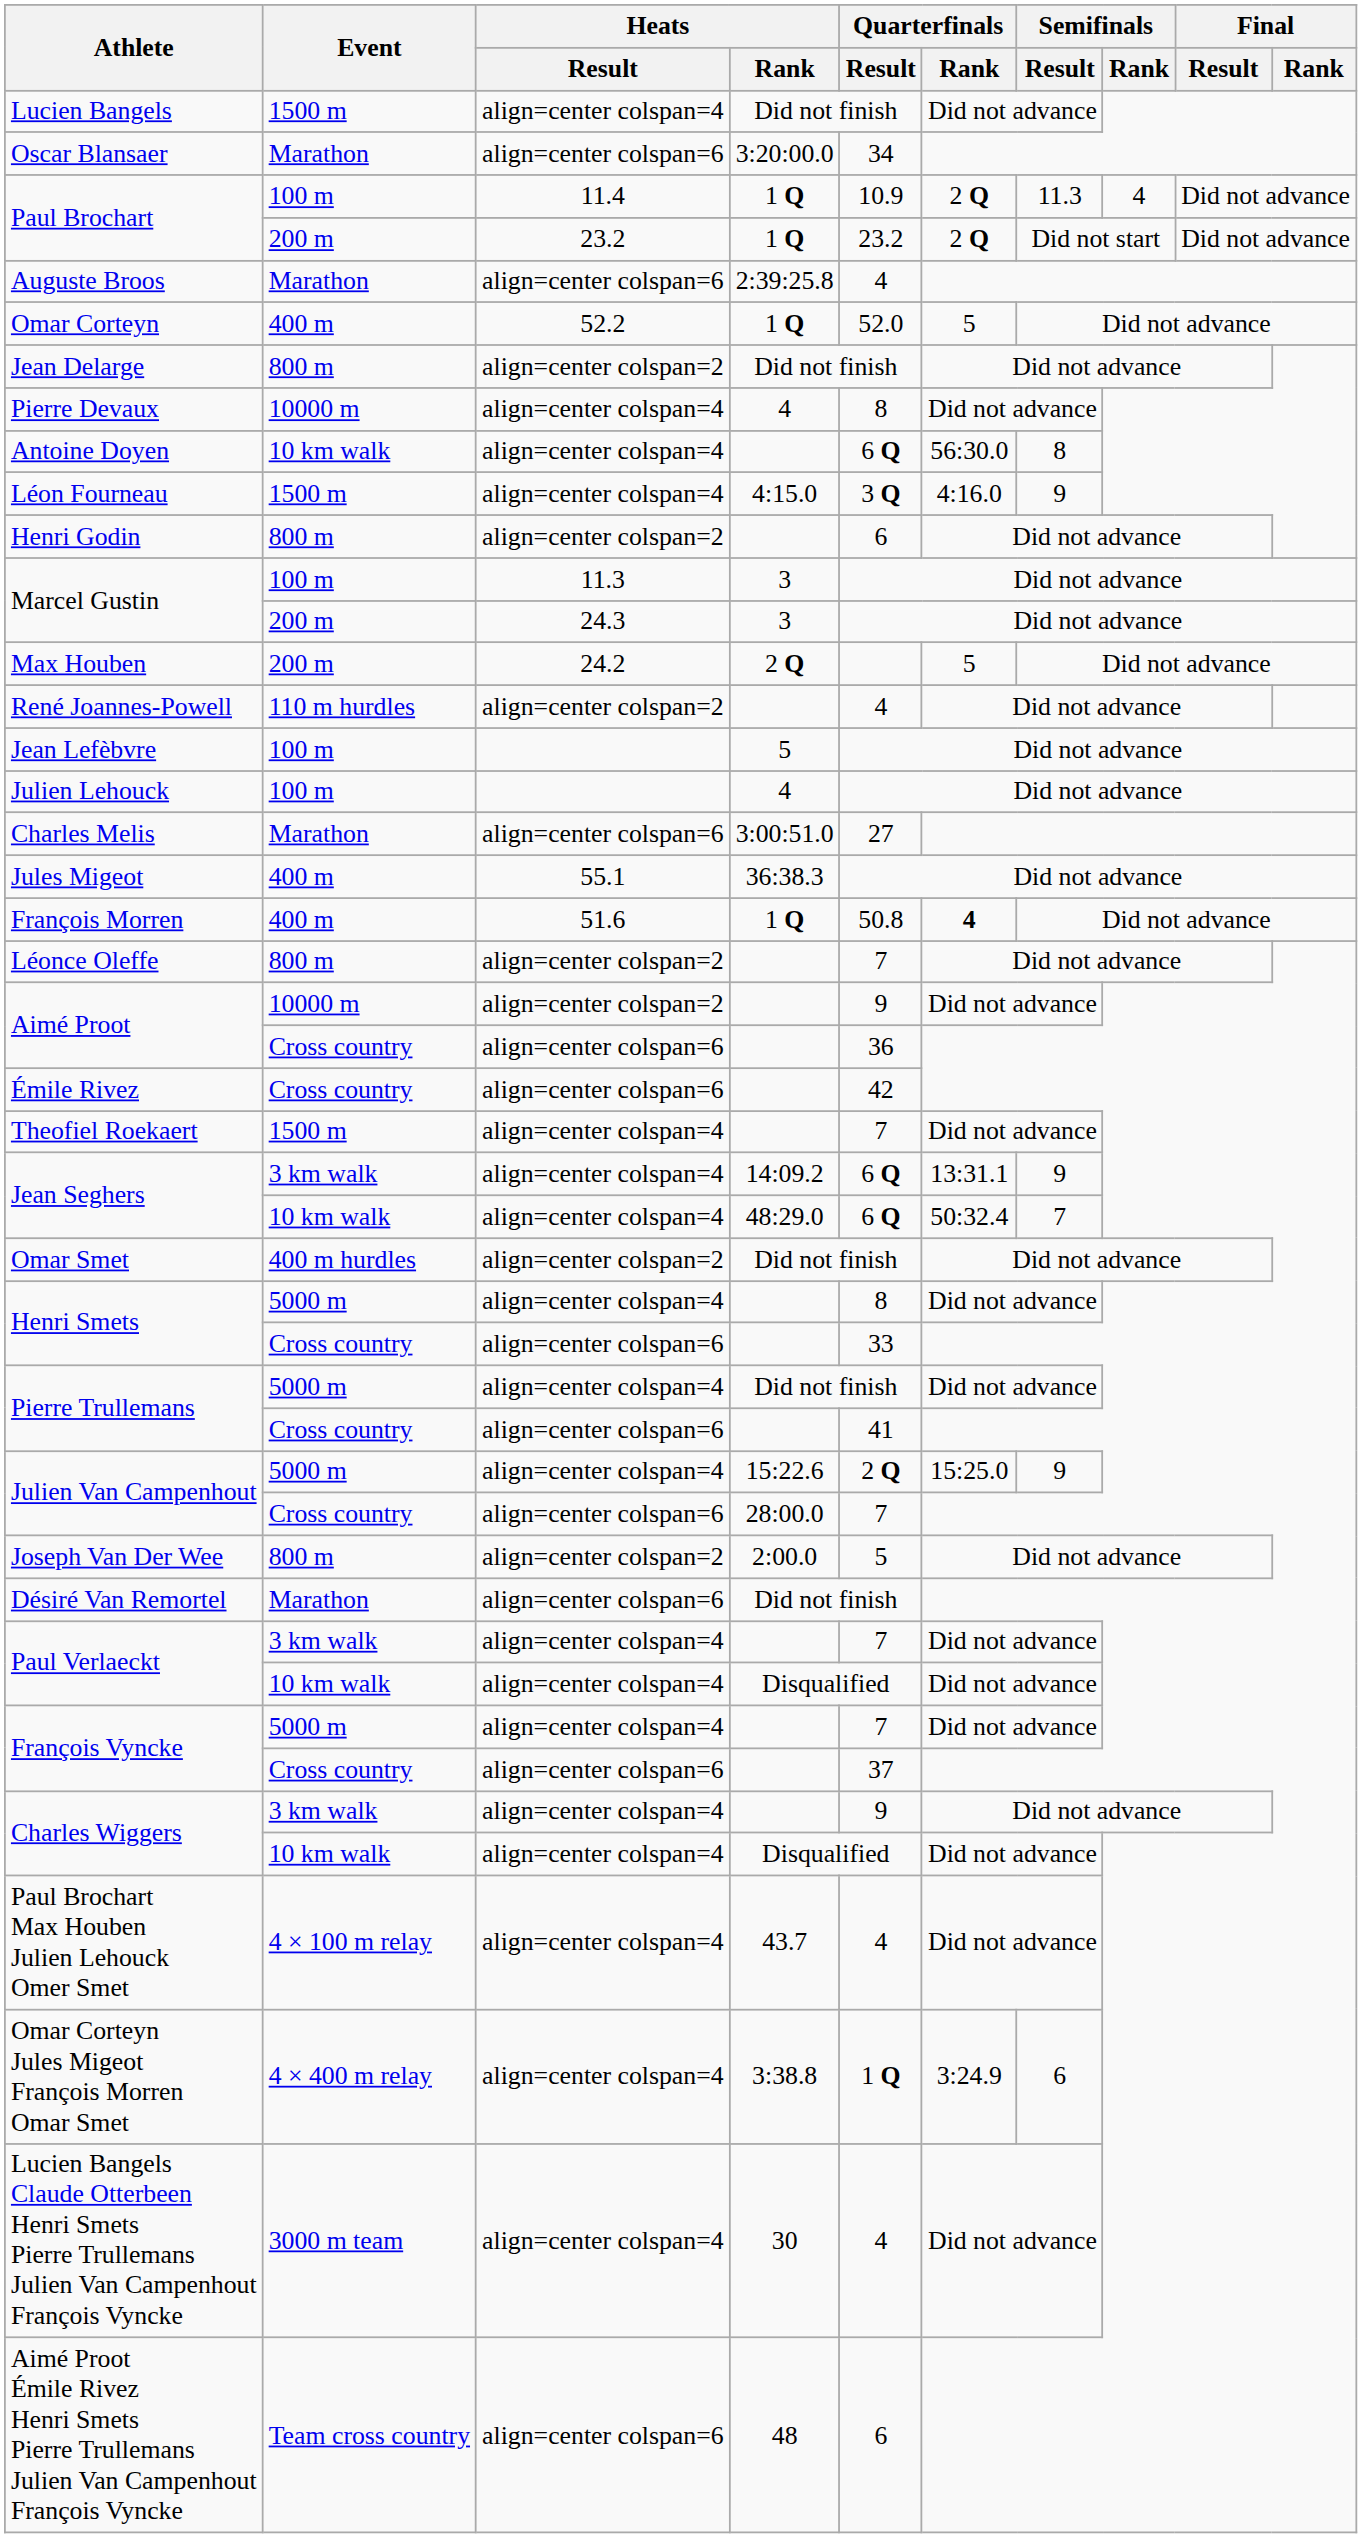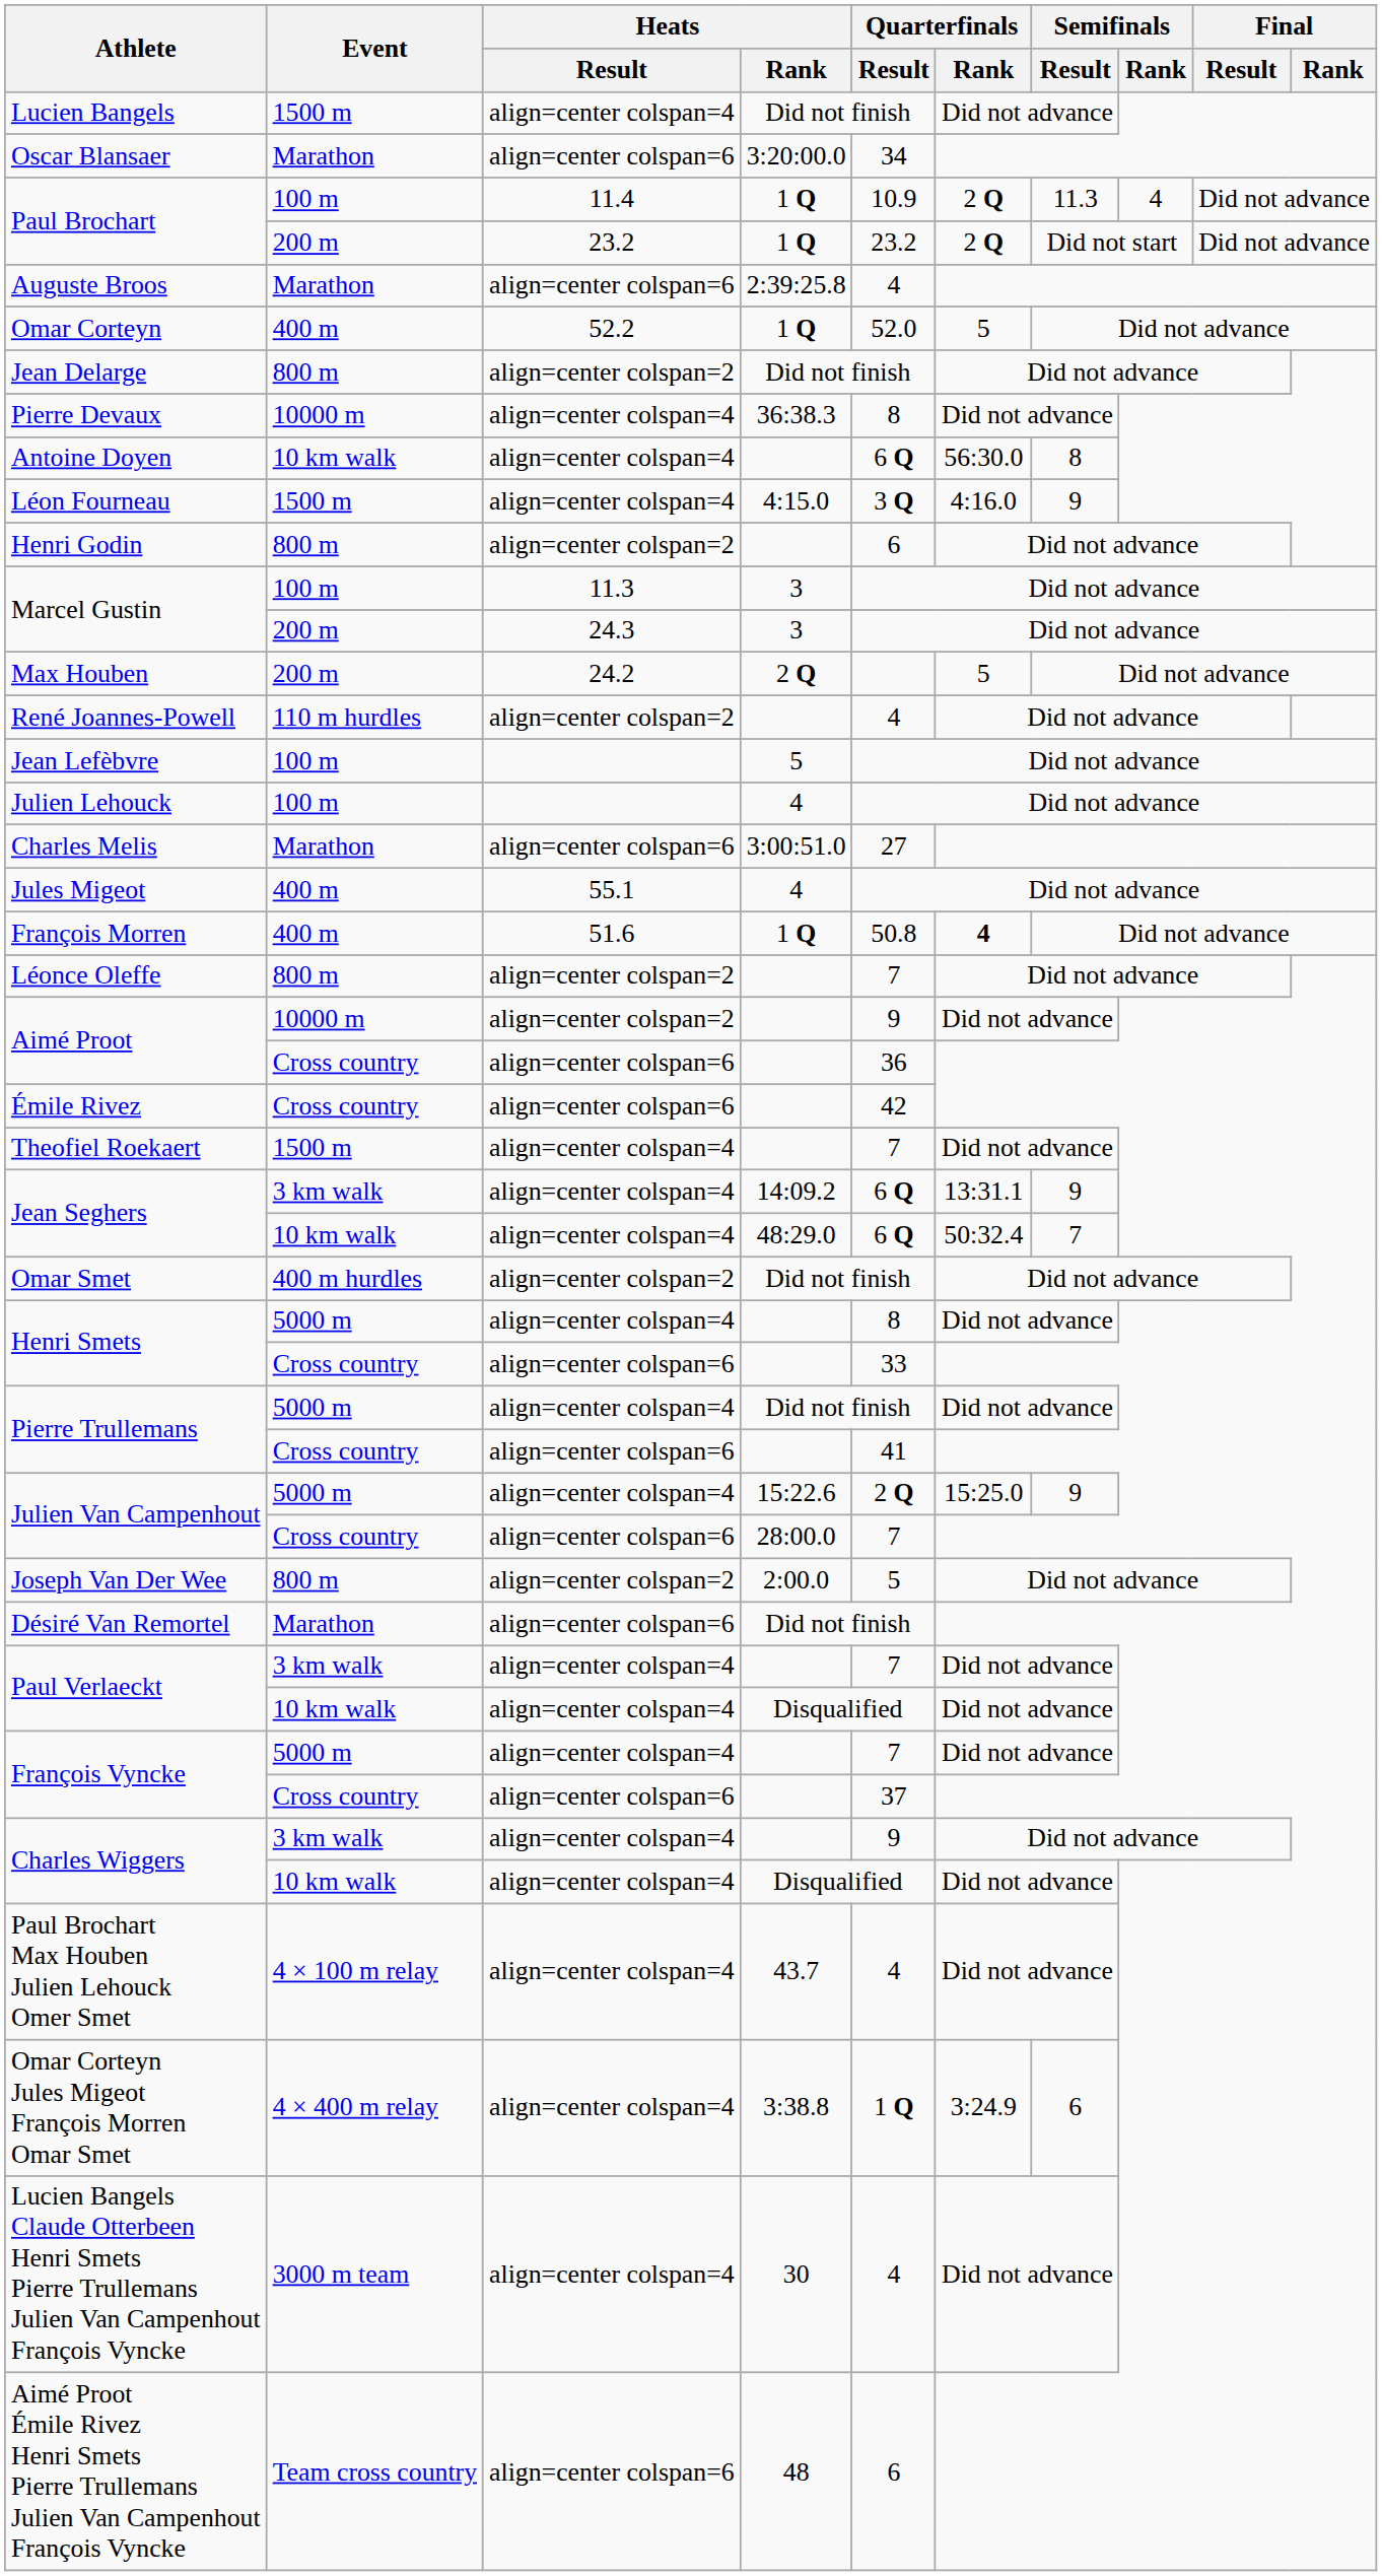 <table class=wikitable style="font-size:90%">
 <tr>
 <th rowspan=2>Athlete</th>
 <th rowspan=2>Event</th>
 <th colspan=2>Heats</th>
 <th colspan=2>Quarterfinals</th>
 <th colspan=2>Semifinals</th>
 <th colspan=2>Final</th>
 </tr>
 <tr>
 <th>Result</th>
 <th>Rank</th>
 <th>Result</th>
 <th>Rank</th>
 <th>Result</th>
 <th>Rank</th>
 <th>Result</th>
 <th>Rank</th>
 </tr>
 <tr>
 <td><a href='#'>Lucien Bangels</a></td>
 <td><a href='#'>1500 m</a></td>
 <td>align=center colspan=4 </td>
 <td align=center colspan=2>Did not finish</td>
 <td align=center colspan=2>Did not advance</td>
 </tr>
 <tr>
 <td><a href='#'>Oscar Blansaer</a></td>
 <td><a href='#'>Marathon</a></td>
 <td>align=center colspan=6 </td>
 <td align=center>3:20:00.0</td>
 <td align=center>34</td>
 </tr>
 <tr>
 <td rowspan=2><a href='#'>Paul Brochart</a></td>
 <td><a href='#'>100 m</a></td>
 <td align=center>11.4</td>
 <td align=center>1 <strong>Q</strong></td>
 <td align=center>10.9</td>
 <td align=center>2 <strong>Q</strong></td>
 <td align=center>11.3</td>
 <td align=center>4</td>
 <td align=center colspan=2>Did not advance</td>
 </tr>
 <tr>
 <td><a href='#'>200 m</a></td>
 <td align=center>23.2</td>
 <td align=center>1 <strong>Q</strong></td>
 <td align=center>23.2</td>
 <td align=center>2 <strong>Q</strong></td>
 <td align=center colspan=2>Did not start</td>
 <td align=center colspan=2>Did not advance</td>
 </tr>
 <tr>
 <td><a href='#'>Auguste Broos</a></td>
 <td><a href='#'>Marathon</a></td>
 <td>align=center colspan=6 </td>
 <td align=center>2:39:25.8</td>
 <td align=center>4</td>
 </tr>
 <tr>
 <td><a href='#'>Omar Corteyn</a></td>
 <td><a href='#'>400 m</a></td>
 <td align=center>52.2</td>
 <td align=center>1 <strong>Q</strong></td>
 <td align=center>52.0</td>
 <td align=center>5</td>
 <td align=center colspan=4>Did not advance</td>
 </tr>
 <tr>
 <td><a href='#'>Jean Delarge</a></td>
 <td><a href='#'>800 m</a></td>
 <td>align=center colspan=2 </td>
 <td align=center colspan=2>Did not finish</td>
 <td align=center colspan=4>Did not advance</td>
 </tr>
 <tr>
 <td><a href='#'>Pierre Devaux</a></td>
 <td><a href='#'>10000 m</a></td>
 <td>align=center colspan=4 </td>
-<td align=center>4</td>
+<td align=center>36:38.3</td>
 <td align=center>8</td>
 <td align=center colspan=2>Did not advance</td>
 </tr>
 <tr>
 <td><a href='#'>Antoine Doyen</a></td>
 <td><a href='#'>10 km walk</a></td>
 <td>align=center colspan=4 </td>
 <td align=center></td>
 <td align=center>6 <strong>Q</strong></td>
 <td align=center>56:30.0</td>
 <td align=center>8</td>
 </tr>
 <tr>
 <td><a href='#'>Léon Fourneau</a></td>
 <td><a href='#'>1500 m</a></td>
 <td>align=center colspan=4 </td>
 <td align=center>4:15.0</td>
 <td align=center>3 <strong>Q</strong></td>
 <td align=center>4:16.0</td>
 <td align=center>9</td>
 </tr>
 <tr>
 <td><a href='#'>Henri Godin</a></td>
 <td><a href='#'>800 m</a></td>
 <td>align=center colspan=2 </td>
 <td align=center></td>
 <td align=center>6</td>
 <td align=center colspan=4>Did not advance</td>
 </tr>
 <tr>
 <td rowspan=2>Marcel Gustin</td>
 <td><a href='#'>100 m</a></td>
 <td align=center>11.3</td>
 <td align=center>3</td>
 <td align=center colspan=6>Did not advance</td>
 </tr>
 <tr>
 <td><a href='#'>200 m</a></td>
 <td align=center>24.3</td>
 <td align=center>3</td>
 <td align=center colspan=6>Did not advance</td>
 </tr>
 <tr>
 <td><a href='#'>Max Houben</a></td>
 <td><a href='#'>200 m</a></td>
 <td align=center>24.2</td>
 <td align=center>2 <strong>Q</strong></td>
 <td align=center></td>
 <td align=center>5</td>
 <td align=center colspan=4>Did not advance</td>
 </tr>
 <tr>
 <td><a href='#'>René Joannes-Powell</a></td>
 <td><a href='#'>110 m hurdles</a></td>
 <td>align=center colspan=2 </td>
 <td align=center></td>
 <td align=center>4</td>
 <td align=center colspan=4>Did not advance</td>
 </tr>
 <tr>
 <td><a href='#'>Jean Lefèbvre</a></td>
 <td><a href='#'>100 m</a></td>
 <td align=center></td>
 <td align=center>5</td>
 <td align=center colspan=6>Did not advance</td>
 </tr>
 <tr>
 <td><a href='#'>Julien Lehouck</a></td>
 <td><a href='#'>100 m</a></td>
 <td align=center></td>
 <td align=center>4</td>
 <td align=center colspan=6>Did not advance</td>
 </tr>
 <tr>
 <td><a href='#'>Charles Melis</a></td>
 <td><a href='#'>Marathon</a></td>
 <td>align=center colspan=6 </td>
 <td align=center>3:00:51.0</td>
 <td align=center>27</td>
 </tr>
 <tr>
 <td><a href='#'>Jules Migeot</a></td>
 <td><a href='#'>400 m</a></td>
 <td align=center>55.1</td>
-<td align=center>36:38.3</td>
+<td align=center>4</td>
 <td align=center colspan=6>Did not advance</td>
 </tr>
 <tr>
 <td><a href='#'>François Morren</a></td>
 <td><a href='#'>400 m</a></td>
 <td align=center>51.6</td>
 <td align=center>1 <strong>Q</strong></td>
 <td align=center>50.8</td>
 <td align=center><strong>4</strong></td>
 <td align=center colspan=4>Did not advance</td>
 </tr>
 <tr>
 <td><a href='#'>Léonce Oleffe</a></td>
 <td><a href='#'>800 m</a></td>
 <td>align=center colspan=2 </td>
 <td align=center></td>
 <td align=center>7</td>
 <td align=center colspan=4>Did not advance</td>
 </tr>
 <tr>
 <td rowspan=2><a href='#'>Aimé Proot</a></td>
 <td><a href='#'>10000 m</a></td>
 <td>align=center colspan=2 </td>
 <td align=center></td>
 <td align=center>9</td>
 <td align=center colspan=2>Did not advance</td>
 </tr>
 <tr>
 <td><a href='#'>Cross country</a></td>
 <td>align=center colspan=6 </td>
 <td align=center></td>
 <td align=center>36</td>
 </tr>
 <tr>
 <td><a href='#'>Émile Rivez</a></td>
 <td><a href='#'>Cross country</a></td>
 <td>align=center colspan=6 </td>
 <td align=center></td>
 <td align=center>42</td>
 </tr>
 <tr>
 <td><a href='#'>Theofiel Roekaert</a></td>
 <td><a href='#'>1500 m</a></td>
 <td>align=center colspan=4 </td>
 <td align=center></td>
 <td align=center>7</td>
 <td align=center colspan=2>Did not advance</td>
 </tr>
 <tr>
 <td rowspan=2><a href='#'>Jean Seghers</a></td>
 <td><a href='#'>3 km walk</a></td>
 <td>align=center colspan=4 </td>
 <td align=center>14:09.2</td>
 <td align=center>6 <strong>Q</strong></td>
 <td align=center>13:31.1</td>
 <td align=center>9</td>
 </tr>
 <tr>
 <td><a href='#'>10 km walk</a></td>
 <td>align=center colspan=4 </td>
 <td align=center>48:29.0</td>
 <td align=center>6 <strong>Q</strong></td>
 <td align=center>50:32.4</td>
 <td align=center>7</td>
 </tr>
 <tr>
 <td><a href='#'>Omar Smet</a></td>
 <td><a href='#'>400 m hurdles</a></td>
 <td>align=center colspan=2 </td>
 <td align=center colspan=2>Did not finish</td>
 <td align=center colspan=4>Did not advance</td>
 </tr>
 <tr>
 <td rowspan=2><a href='#'>Henri Smets</a></td>
 <td><a href='#'>5000 m</a></td>
 <td>align=center colspan=4 </td>
 <td align=center></td>
 <td align=center>8</td>
 <td align=center colspan=2>Did not advance</td>
 </tr>
 <tr>
 <td><a href='#'>Cross country</a></td>
 <td>align=center colspan=6 </td>
 <td align=center></td>
 <td align=center>33</td>
 </tr>
 <tr>
 <td rowspan=2><a href='#'>Pierre Trullemans</a></td>
 <td><a href='#'>5000 m</a></td>
 <td>align=center colspan=4 </td>
 <td align=center colspan=2>Did not finish</td>
 <td align=center colspan=2>Did not advance</td>
 </tr>
 <tr>
 <td><a href='#'>Cross country</a></td>
 <td>align=center colspan=6 </td>
 <td align=center></td>
 <td align=center>41</td>
 </tr>
 <tr>
 <td rowspan=2><a href='#'>Julien Van Campenhout</a></td>
 <td><a href='#'>5000 m</a></td>
 <td>align=center colspan=4 </td>
 <td align=center>15:22.6</td>
 <td align=center>2 <strong>Q</strong></td>
 <td align=center>15:25.0</td>
 <td align=center>9</td>
 </tr>
 <tr>
 <td><a href='#'>Cross country</a></td>
 <td>align=center colspan=6 </td>
 <td align=center>28:00.0</td>
 <td align=center>7</td>
 </tr>
 <tr>
 <td><a href='#'>Joseph Van Der Wee</a></td>
 <td><a href='#'>800 m</a></td>
 <td>align=center colspan=2 </td>
 <td align=center>2:00.0</td>
 <td align=center>5</td>
 <td align=center colspan=4>Did not advance</td>
 </tr>
 <tr>
 <td><a href='#'>Désiré Van Remortel</a></td>
 <td><a href='#'>Marathon</a></td>
 <td>align=center colspan=6 </td>
 <td align=center colspan=2>Did not finish</td>
 </tr>
 <tr>
 <td rowspan=2><a href='#'>Paul Verlaeckt</a></td>
 <td><a href='#'>3 km walk</a></td>
 <td>align=center colspan=4 </td>
 <td align=center></td>
 <td align=center>7</td>
 <td align=center colspan=2>Did not advance</td>
 </tr>
 <tr>
 <td><a href='#'>10 km walk</a></td>
 <td>align=center colspan=4 </td>
 <td align=center colspan=2>Disqualified</td>
 <td align=center colspan=2>Did not advance</td>
 </tr>
 <tr>
 <td rowspan=2><a href='#'>François Vyncke</a></td>
 <td><a href='#'>5000 m</a></td>
 <td>align=center colspan=4 </td>
 <td align=center></td>
 <td align=center>7</td>
 <td align=center colspan=2>Did not advance</td>
 </tr>
 <tr>
 <td><a href='#'>Cross country</a></td>
 <td>align=center colspan=6 </td>
 <td align=center></td>
 <td align=center>37</td>
 </tr>
 <tr>
 <td rowspan=2><a href='#'>Charles Wiggers</a></td>
 <td><a href='#'>3 km walk</a></td>
 <td>align=center colspan=4 </td>
 <td align=center></td>
 <td align=center>9</td>
 <td align=center colspan=4>Did not advance</td>
 </tr>
 <tr>
 <td><a href='#'>10 km walk</a></td>
 <td>align=center colspan=4 </td>
 <td align=center colspan=2>Disqualified</td>
 <td align=center colspan=2>Did not advance</td>
 </tr>
 <tr>
 <td>Paul Brochart <br> Max Houben <br> Julien Lehouck <br> Omer Smet</td>
 <td><a href='#'>4 × 100 m relay</a></td>
 <td>align=center colspan=4 </td>
 <td align=center>43.7</td>
 <td align=center>4</td>
 <td align=center colspan=2>Did not advance</td>
 </tr>
 <tr>
 <td>Omar Corteyn <br> Jules Migeot <br> François Morren <br> Omar Smet</td>
 <td><a href='#'>4 × 400 m relay</a></td>
 <td>align=center colspan=4 </td>
 <td align=center>3:38.8</td>
 <td align=center>1 <strong>Q</strong></td>
 <td align=center>3:24.9</td>
 <td align=center>6</td>
 </tr>
 <tr>
 <td>Lucien Bangels <br> <a href='#'>Claude Otterbeen</a> <br> Henri Smets <br> Pierre Trullemans <br> Julien Van Campenhout <br> François Vyncke</td>
 <td><a href='#'>3000 m team</a></td>
 <td>align=center colspan=4 </td>
 <td align=center>30</td>
 <td align=center>4</td>
 <td align=center colspan=2>Did not advance</td>
 </tr>
 <tr>
 <td>Aimé Proot <br> Émile Rivez <br> Henri Smets <br> Pierre Trullemans <br> Julien Van Campenhout <br> François Vyncke</td>
 <td><a href='#'>Team cross country</a></td>
 <td>align=center colspan=6 </td>
 <td align=center>48</td>
 <td align=center>6</td>
 </tr>
 </table>
